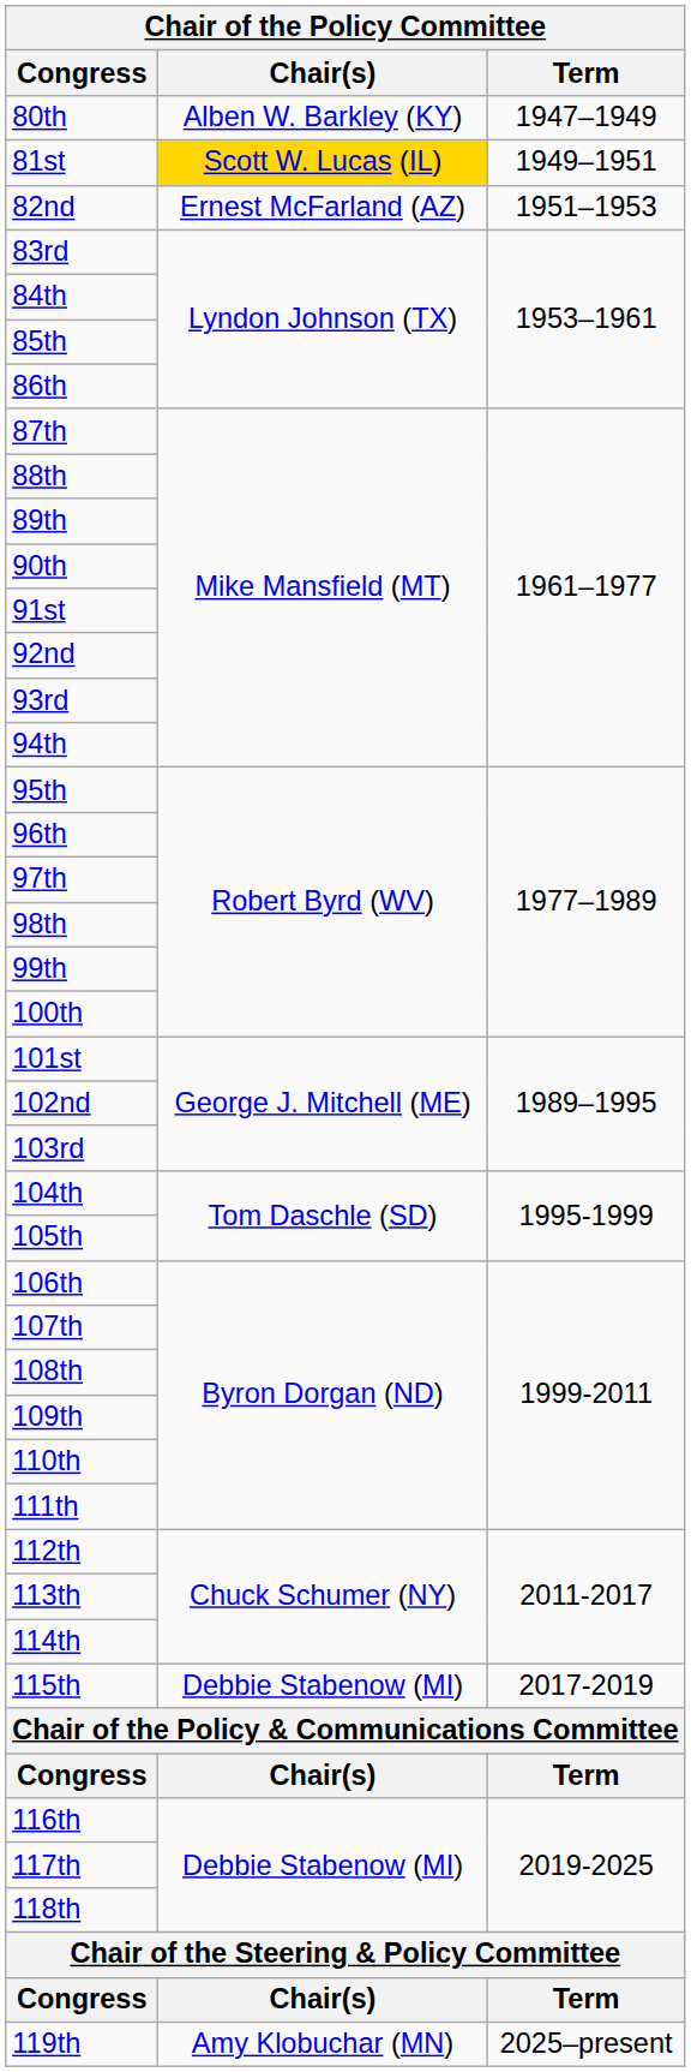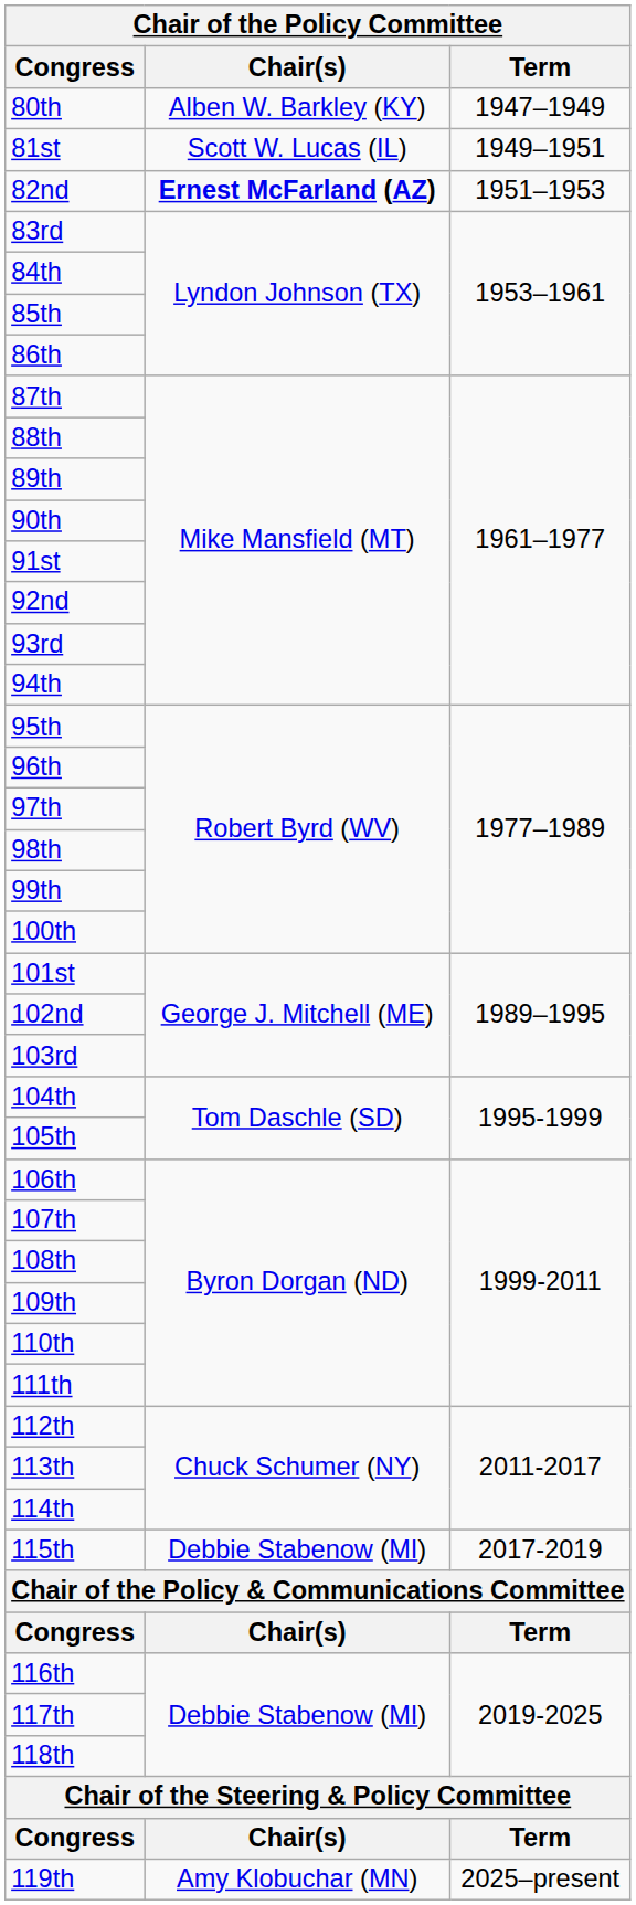 <table class="wikitable">
 <tr>
 <th colspan=3><u>Chair of the Policy Committee</u></th>
 </tr>
 <tr>
 <th align=center>Congress</th>
 <th>Chair(s)</th>
 <th>Term</th>
 </tr>
 <tr>
 <td><a href='#'>80th</a></td>
 <td align=center><a href='#'>Alben W. Barkley</a> (<a href='#'>KY</a>)</td>
 <td align=center>1947–1949</td>
 </tr>
 <tr>
 <td><a href='#'>81st</a></td>
-<td align=center style="background: gold;"><a href='#'>Scott W. Lucas</a> (<a href='#'>IL</a>)</td>
+<td align=center><a href='#'>Scott W. Lucas</a> (<a href='#'>IL</a>)</td>
 <td align=center>1949–1951</td>
 </tr>
 <tr>
 <td><a href='#'>82nd</a></td>
-<td align=center><a href='#'>Ernest McFarland</a> (<a href='#'>AZ</a>)</td>
+<td align=center><strong><a href='#'>Ernest McFarland</a> (<a href='#'>AZ</a>)</strong></td>
 <td align=center>1951–1953</td>
 </tr>
 <tr>
 <td><a href='#'>83rd</a></td>
 <td rowspan=4 align=center><a href='#'>Lyndon Johnson</a> (<a href='#'>TX</a>)</td>
 <td rowspan=4 align=center>1953–1961</td>
 </tr>
 <tr>
 <td><a href='#'>84th</a></td>
 </tr>
 <tr>
 <td><a href='#'>85th</a></td>
 </tr>
 <tr>
 <td><a href='#'>86th</a></td>
 </tr>
 <tr>
 <td><a href='#'>87th</a></td>
 <td rowspan=8 align=center><a href='#'>Mike Mansfield</a> (<a href='#'>MT</a>)</td>
 <td rowspan=8 align=center>1961–1977</td>
 </tr>
 <tr>
 <td><a href='#'>88th</a></td>
 </tr>
 <tr>
 <td><a href='#'>89th</a></td>
 </tr>
 <tr>
 <td><a href='#'>90th</a></td>
 </tr>
 <tr>
 <td><a href='#'>91st</a></td>
 </tr>
 <tr>
 <td><a href='#'>92nd</a></td>
 </tr>
 <tr>
 <td><a href='#'>93rd</a></td>
 </tr>
 <tr>
 <td><a href='#'>94th</a></td>
 </tr>
 <tr>
 <td><a href='#'>95th</a></td>
 <td rowspan=6 align=center><a href='#'>Robert Byrd</a> (<a href='#'>WV</a>)</td>
 <td rowspan=6 align=center>1977–1989</td>
 </tr>
 <tr>
 <td><a href='#'>96th</a></td>
 </tr>
 <tr>
 <td><a href='#'>97th</a></td>
 </tr>
 <tr>
 <td><a href='#'>98th</a></td>
 </tr>
 <tr>
 <td><a href='#'>99th</a></td>
 </tr>
 <tr>
 <td><a href='#'>100th</a></td>
 </tr>
 <tr>
 <td><a href='#'>101st</a></td>
 <td rowspan=3 align=center><a href='#'>George J. Mitchell</a> (<a href='#'>ME</a>)</td>
 <td rowspan=3 align=center>1989–1995</td>
 </tr>
 <tr>
 <td><a href='#'>102nd</a></td>
 </tr>
 <tr>
 <td><a href='#'>103rd</a></td>
 </tr>
 <tr>
 <td><a href='#'>104th</a></td>
 <td rowspan=2 align=center><a href='#'>Tom Daschle</a> (<a href='#'>SD</a>)</td>
 <td rowspan=2 align=center>1995-1999</td>
 </tr>
 <tr>
 <td><a href='#'>105th</a></td>
 </tr>
 <tr>
 <td><a href='#'>106th</a></td>
 <td rowspan=6 align=center><a href='#'>Byron Dorgan</a> (<a href='#'>ND</a>)</td>
 <td rowspan=6 align=center>1999-2011</td>
 </tr>
 <tr>
 <td><a href='#'>107th</a></td>
 </tr>
 <tr>
 <td><a href='#'>108th</a></td>
 </tr>
 <tr>
 <td><a href='#'>109th</a></td>
 </tr>
 <tr>
 <td><a href='#'>110th</a></td>
 </tr>
 <tr>
 <td><a href='#'>111th</a></td>
 </tr>
 <tr>
 <td><a href='#'>112th</a></td>
 <td rowspan=3 align=center><a href='#'>Chuck Schumer</a> (<a href='#'>NY</a>)</td>
 <td rowspan=3 align=center>2011-2017</td>
 </tr>
 <tr>
 <td><a href='#'>113th</a></td>
 </tr>
 <tr>
 <td><a href='#'>114th</a></td>
 </tr>
 <tr>
 <td><a href='#'>115th</a></td>
 <td align=center><a href='#'>Debbie Stabenow</a> (<a href='#'>MI</a>)</td>
 <td align=center>2017-2019</td>
 </tr>
 <tr>
 <th colspan=3><u>Chair of the Policy & Communications Committee</u></th>
 </tr>
 <tr>
 <th>Congress</th>
 <th>Chair(s)</th>
 <th>Term</th>
 </tr>
 <tr>
 <td><a href='#'>116th</a></td>
 <td rowspan=3 align=center><a href='#'>Debbie Stabenow</a> (<a href='#'>MI</a>)</td>
 <td rowspan=3 align=center>2019-2025</td>
 </tr>
 <tr>
 <td><a href='#'>117th</a></td>
 </tr>
 <tr>
 <td><a href='#'>118th</a></td>
 </tr>
 <tr>
 <th colspan=3><u>Chair of the Steering & Policy Committee</u></th>
 </tr>
 <tr>
 <th>Congress</th>
 <th>Chair(s)</th>
 <th>Term</th>
 </tr>
 <tr>
 <td><a href='#'>119th</a></td>
 <td align=center><a href='#'>Amy Klobuchar</a> (<a href='#'>MN</a>)</td>
 <td align=center>2025–present</td>
 </tr>
 </table>
